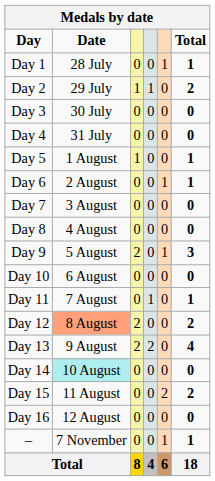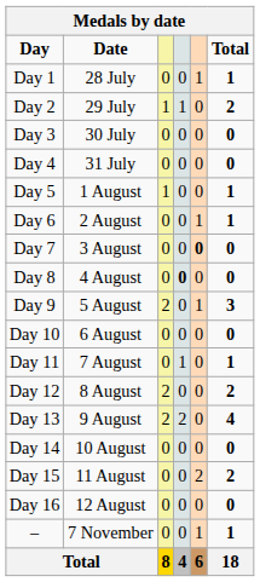 <table class=wikitable style="font-size:90%; text-align:center; float:right;">
 <tr bgcolor=efefef>
 <th colspan=7>Medals by date</th>
 </tr>
 <tr>
 <td><strong>Day</strong></td>
 <td><strong>Date</strong></td>
 <td bgcolor=f7f6a8></td>
 <td bgcolor=dce5e5></td>
 <td bgcolor=ffdab9></td>
 <td><strong>Total</strong></td>
 </tr>
 <tr style="text-align:center">
 <td>Day 1</td>
 <td>28 July</td>
 <td bgcolor=F7F6A8>0</td>
 <td bgcolor=DCE5E5>0</td>
 <td bgcolor=FFDAB9>1</td>
 <td><strong>1</strong></td>
 </tr>
 <tr>
 <td>Day 2</td>
 <td>29 July</td>
 <td bgcolor=F7F6A8>1</td>
 <td bgcolor=DCE5E5>1</td>
 <td bgcolor=FFDAB9>0</td>
 <td><strong>2</strong></td>
 </tr>
 <tr>
 <td>Day 3</td>
 <td>30 July</td>
 <td bgcolor=F7F6A8>0</td>
 <td bgcolor=DCE5E5>0</td>
 <td bgcolor=FFDAB9>0</td>
 <td><strong>0</strong></td>
 </tr>
 <tr>
 <td>Day 4</td>
 <td>31 July</td>
 <td bgcolor=F7F6A8>0</td>
 <td bgcolor=DCE5E5>0</td>
 <td bgcolor=FFDAB9>0</td>
 <td><strong>0</strong></td>
 </tr>
 <tr>
 <td>Day 5</td>
 <td>1 August</td>
 <td bgcolor=F7F6A8>1</td>
 <td bgcolor=DCE5E5>0</td>
 <td bgcolor=FFDAB9>0</td>
 <td><strong>1</strong></td>
 </tr>
 <tr>
 <td>Day 6</td>
 <td>2 August</td>
 <td bgcolor=F7F6A8>0</td>
 <td bgcolor=DCE5E5>0</td>
 <td bgcolor=FFDAB9>1</td>
 <td><strong>1</strong></td>
 </tr>
 <tr>
 <td>Day 7</td>
 <td>3 August</td>
 <td bgcolor=F7F6A8>0</td>
 <td bgcolor=DCE5E5>0</td>
-<td bgcolor=FFDAB9>0</td>
+<td bgcolor=FFDAB9><strong>0</strong></td>
 <td><strong>0</strong></td>
 </tr>
 <tr>
 <td>Day 8</td>
 <td>4 August</td>
 <td bgcolor=F7F6A8>0</td>
-<td bgcolor=DCE5E5>0</td>
+<td bgcolor=DCE5E5><strong>0</strong></td>
 <td bgcolor=FFDAB9>0</td>
 <td><strong>0</strong></td>
 </tr>
 <tr>
 <td>Day 9</td>
 <td>5 August</td>
 <td bgcolor=F7F6A8>2</td>
 <td bgcolor=DCE5E5>0</td>
 <td bgcolor=FFDAB9>1</td>
 <td><strong>3</strong></td>
 </tr>
 <tr>
 <td>Day 10</td>
 <td>6 August</td>
 <td bgcolor=F7F6A8>0</td>
 <td bgcolor=DCE5E5>0</td>
 <td bgcolor=FFDAB9>0</td>
 <td><strong>0</strong></td>
 </tr>
 <tr>
 <td>Day 11</td>
 <td>7 August</td>
 <td bgcolor=F7F6A8>0</td>
 <td bgcolor=DCE5E5>1</td>
 <td bgcolor=FFDAB9>0</td>
 <td><strong>1</strong></td>
 </tr>
 <tr>
 <td>Day 12</td>
-<td style="background: lightsalmon;">8 August</td>
+<td>8 August</td>
 <td bgcolor=F7F6A8>2</td>
 <td bgcolor=DCE5E5>0</td>
 <td bgcolor=FFDAB9>0</td>
 <td><strong>2</strong></td>
 </tr>
 <tr>
 <td>Day 13</td>
 <td>9 August</td>
 <td bgcolor=F7F6A8>2</td>
 <td bgcolor=DCE5E5>2</td>
 <td bgcolor=FFDAB9>0</td>
 <td><strong>4</strong></td>
 </tr>
 <tr style="text-align:center">
 <td>Day 14</td>
-<td style="background: paleturquoise;">10 August</td>
+<td>10 August</td>
 <td bgcolor=F7F6A8>0</td>
 <td bgcolor=DCE5E5>0</td>
 <td bgcolor=FFDAB9>0</td>
 <td><strong>0</strong></td>
 </tr>
 <tr>
 <td>Day 15</td>
 <td>11 August</td>
 <td bgcolor=F7F6A8>0</td>
 <td bgcolor=DCE5E5>0</td>
 <td bgcolor=FFDAB9>2</td>
 <td><strong>2</strong></td>
 </tr>
 <tr>
 <td>Day 16</td>
 <td>12 August</td>
 <td bgcolor=F7F6A8>0</td>
 <td bgcolor=DCE5E5>0</td>
 <td bgcolor=FFDAB9>0</td>
 <td><strong>0</strong></td>
 </tr>
 <tr>
 <td>–</td>
 <td>7 November</td>
 <td bgcolor=F7F6A8>0</td>
 <td bgcolor=DCE5E5>0</td>
 <td bgcolor=FFDAB9>1</td>
 <td><strong>1</strong></td>
 </tr>
 <tr>
 <th colspan=2>Total</th>
 <th style="background:gold">8</th>
 <th style="background:silver">4</th>
 <th style="background:#c96">6</th>
 <th>18</th>
 </tr>
 </table>
